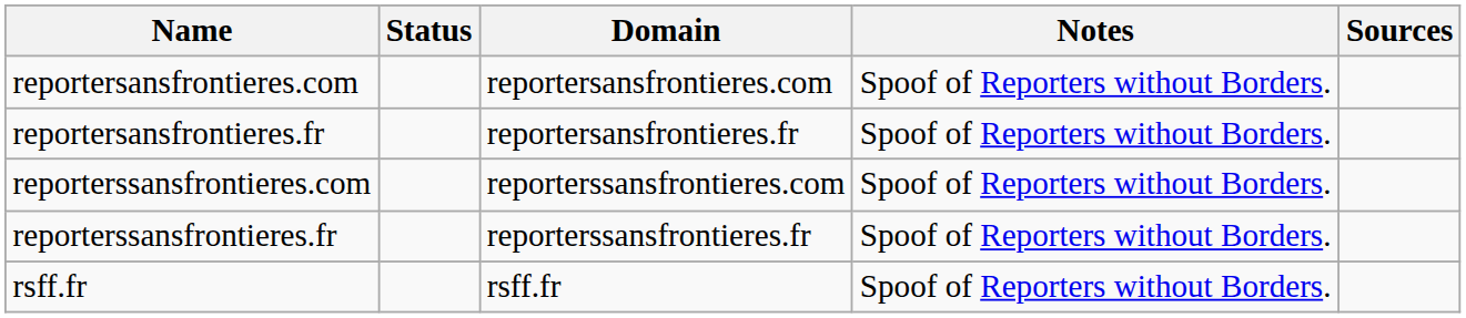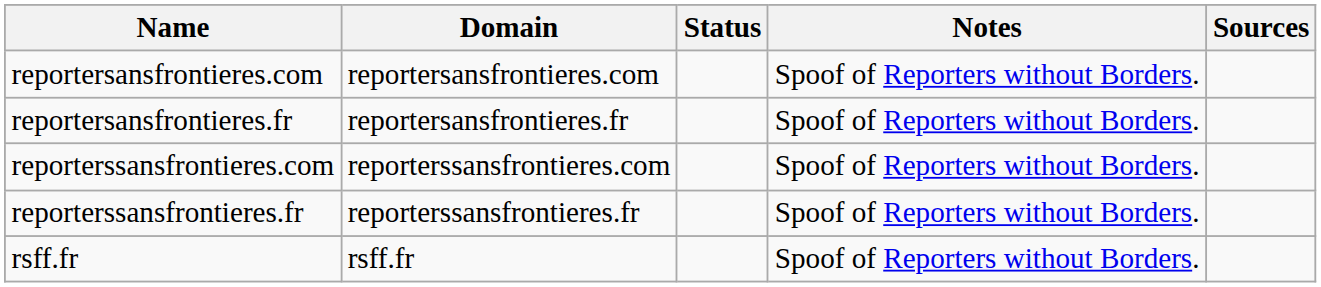 <table class="wikitable sortable mw-collapsible">
 <tr>
 <th>Name</th>
+<th>Domain</th>
 <th>Status</th>
-<th>Domain</th>
 <th class="sortable">Notes</th>
 <th class="unsortable">Sources</th>
 </tr>
 <tr>
 <td>reportersansfrontieres.com</td>
+<td>reportersansfrontieres.com</td>
 <td></td>
-<td>reportersansfrontieres.com</td>
 <td>Spoof of <a href='#'>Reporters without Borders</a>.</td>
 <td></td>
 </tr>
 <tr>
 <td>reportersansfrontieres.fr</td>
+<td>reportersansfrontieres.fr</td>
 <td></td>
-<td>reportersansfrontieres.fr</td>
 <td>Spoof of <a href='#'>Reporters without Borders</a>.</td>
 <td></td>
 </tr>
 <tr>
 <td>reporterssansfrontieres.com</td>
+<td>reporterssansfrontieres.com</td>
 <td></td>
-<td>reporterssansfrontieres.com</td>
 <td>Spoof of <a href='#'>Reporters without Borders</a>.</td>
 <td></td>
 </tr>
 <tr>
 <td>reporterssansfrontieres.fr</td>
+<td>reporterssansfrontieres.fr</td>
 <td></td>
-<td>reporterssansfrontieres.fr</td>
 <td>Spoof of <a href='#'>Reporters without Borders</a>.</td>
 <td></td>
 </tr>
 <tr>
 <td>rsff.fr</td>
+<td>rsff.fr</td>
 <td></td>
-<td>rsff.fr</td>
 <td>Spoof of <a href='#'>Reporters without Borders</a>.</td>
 <td></td>
 </tr>
 </table>
